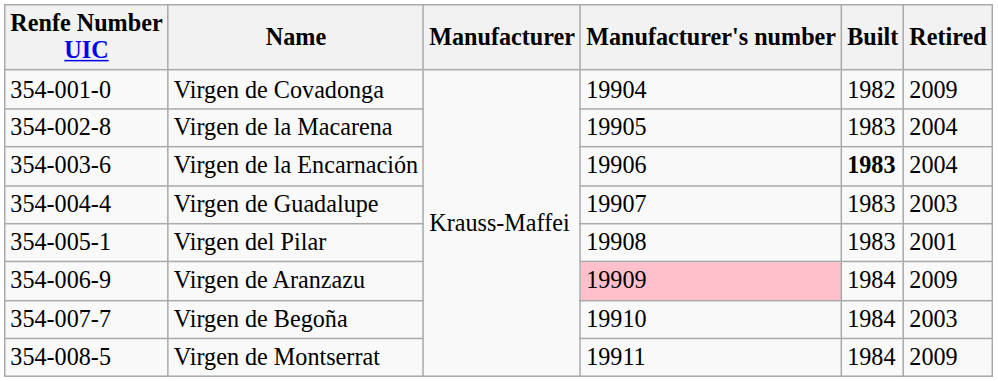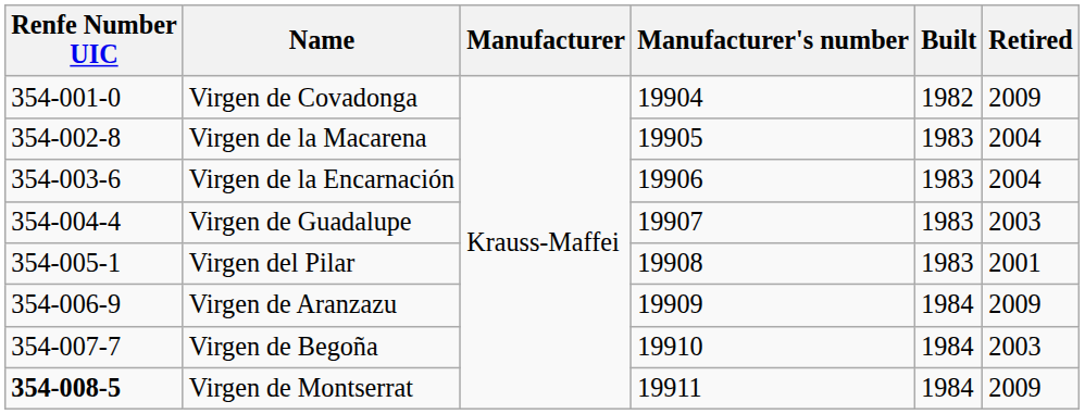 <table class="wikitable">
 <tr>
 <th>Renfe Number<br><a href='#'>UIC</a></th>
 <th>Name</th>
 <th>Manufacturer</th>
 <th>Manufacturer's number</th>
 <th>Built</th>
 <th>Retired</th>
 </tr>
 <tr>
 <td>354-001-0</td>
 <td>Virgen de Covadonga</td>
 <td rowspan=8>Krauss-Maffei</td>
 <td>19904</td>
 <td>1982</td>
 <td>2009</td>
 </tr>
 <tr>
 <td>354-002-8</td>
 <td>Virgen de la Macarena</td>
 <td>19905</td>
 <td>1983</td>
 <td>2004</td>
 </tr>
 <tr>
 <td>354-003-6</td>
 <td>Virgen de la Encarnación</td>
 <td>19906</td>
-<td><strong>1983</strong></td>
+<td>1983</td>
 <td>2004</td>
 </tr>
 <tr>
 <td>354-004-4</td>
 <td>Virgen de Guadalupe</td>
 <td>19907</td>
 <td>1983</td>
 <td>2003</td>
 </tr>
 <tr>
 <td>354-005-1</td>
 <td>Virgen del Pilar</td>
 <td>19908</td>
 <td>1983</td>
 <td>2001</td>
 </tr>
 <tr>
 <td>354-006-9</td>
 <td>Virgen de Aranzazu</td>
-<td style="background: pink;">19909</td>
+<td>19909</td>
 <td>1984</td>
 <td>2009</td>
 </tr>
 <tr>
 <td>354-007-7</td>
 <td>Virgen de Begoña</td>
 <td>19910</td>
 <td>1984</td>
 <td>2003</td>
 </tr>
 <tr>
-<td>354-008-5</td>
+<td><strong>354-008-5</strong></td>
 <td>Virgen de Montserrat</td>
 <td>19911</td>
 <td>1984</td>
 <td>2009</td>
 </tr>
 </table>
